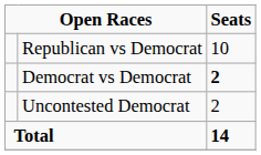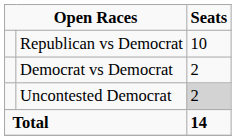 <table class="wikitable">
 <tr>
 <td colspan="2" rowspan="1" align="center"><strong>Open Races</strong></td>
 <td valign="top"><strong>Seats</strong><br></td>
 </tr>
 <tr>
 <td style="background-color:"> </td>
 <td>Republican vs Democrat</td>
 <td>10</td>
 </tr>
 <tr>
 <td style="background-color:"> </td>
 <td>Democrat vs Democrat</td>
-<td><strong>2</strong></td>
+<td>2</td>
 </tr>
 <tr>
 <td style="background-color:"> </td>
 <td>Uncontested Democrat</td>
-<td>2</td>
+<td style="background: lightgrey;">2</td>
 </tr>
 <tr>
 <td colspan="2" rowspan="1"> <strong>Total</strong><br></td>
 <td><strong>14</strong></td>
 </tr>
 <tr>
 </tr>
 </table>
